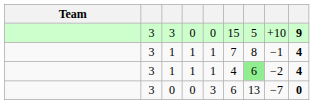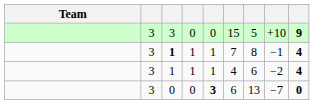 <table class="wikitable" style="text-align: center;">
 <tr>
 <th width=175>Team</th>
 <th width=20></th>
 <th width=20></th>
 <th width=20></th>
 <th width=20></th>
 <th width=20></th>
 <th width=20></th>
 <th width=20></th>
 <th width=20></th>
 </tr>
 <tr bgcolor="#ccffcc">
 <td style="text-align:left;"></td>
 <td>3</td>
 <td>3</td>
 <td>0</td>
 <td>0</td>
 <td>15</td>
 <td>5</td>
 <td>+10</td>
 <td><strong>9</strong></td>
 </tr>
 <tr align=center>
 <td style="text-align:left;"></td>
 <td>3</td>
-<td>1</td>
+<td><strong>1</strong></td>
 <td>1</td>
 <td>1</td>
 <td>7</td>
 <td>8</td>
 <td>−1</td>
 <td><strong>4</strong></td>
 </tr>
 <tr align=center>
 <td style="text-align:left;"></td>
 <td>3</td>
 <td>1</td>
 <td>1</td>
 <td>1</td>
 <td>4</td>
-<td style="background: lightgreen;">6</td>
+<td>6</td>
 <td>−2</td>
 <td><strong>4</strong></td>
 </tr>
 <tr align=center>
 <td style="text-align:left;"><em> </em></td>
 <td>3</td>
 <td>0</td>
 <td>0</td>
-<td>3</td>
+<td><strong>3</strong></td>
 <td>6</td>
 <td>13</td>
 <td>−7</td>
 <td><strong>0</strong></td>
 </tr>
 </table>
